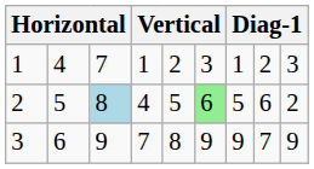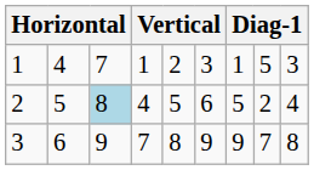 <table class="wikitable">
 <tr>
 <th colspan=3>Horizontal</th>
 <th colspan=3>Vertical</th>
 <th colspan=3>Diag-1</th>
 </tr>
 <tr>
 <td>1</td>
 <td>4</td>
 <td>7</td>
 <td>1</td>
 <td>2</td>
 <td>3</td>
 <td>1</td>
-<td>2</td>
+<td>5</td>
 <td>3</td>
 </tr>
 <tr>
 <td>2</td>
 <td>5</td>
 <td style="background: lightblue;">8</td>
 <td>4</td>
 <td>5</td>
-<td style="background: lightgreen;">6</td>
+<td>6</td>
 <td>5</td>
-<td>6</td>
 <td>2</td>
+<td>4</td>
 </tr>
 <tr>
 <td>3</td>
 <td>6</td>
 <td>9</td>
 <td>7</td>
 <td>8</td>
 <td>9</td>
 <td>9</td>
 <td>7</td>
-<td>9</td>
+<td>8</td>
 </tr>
 </table>
